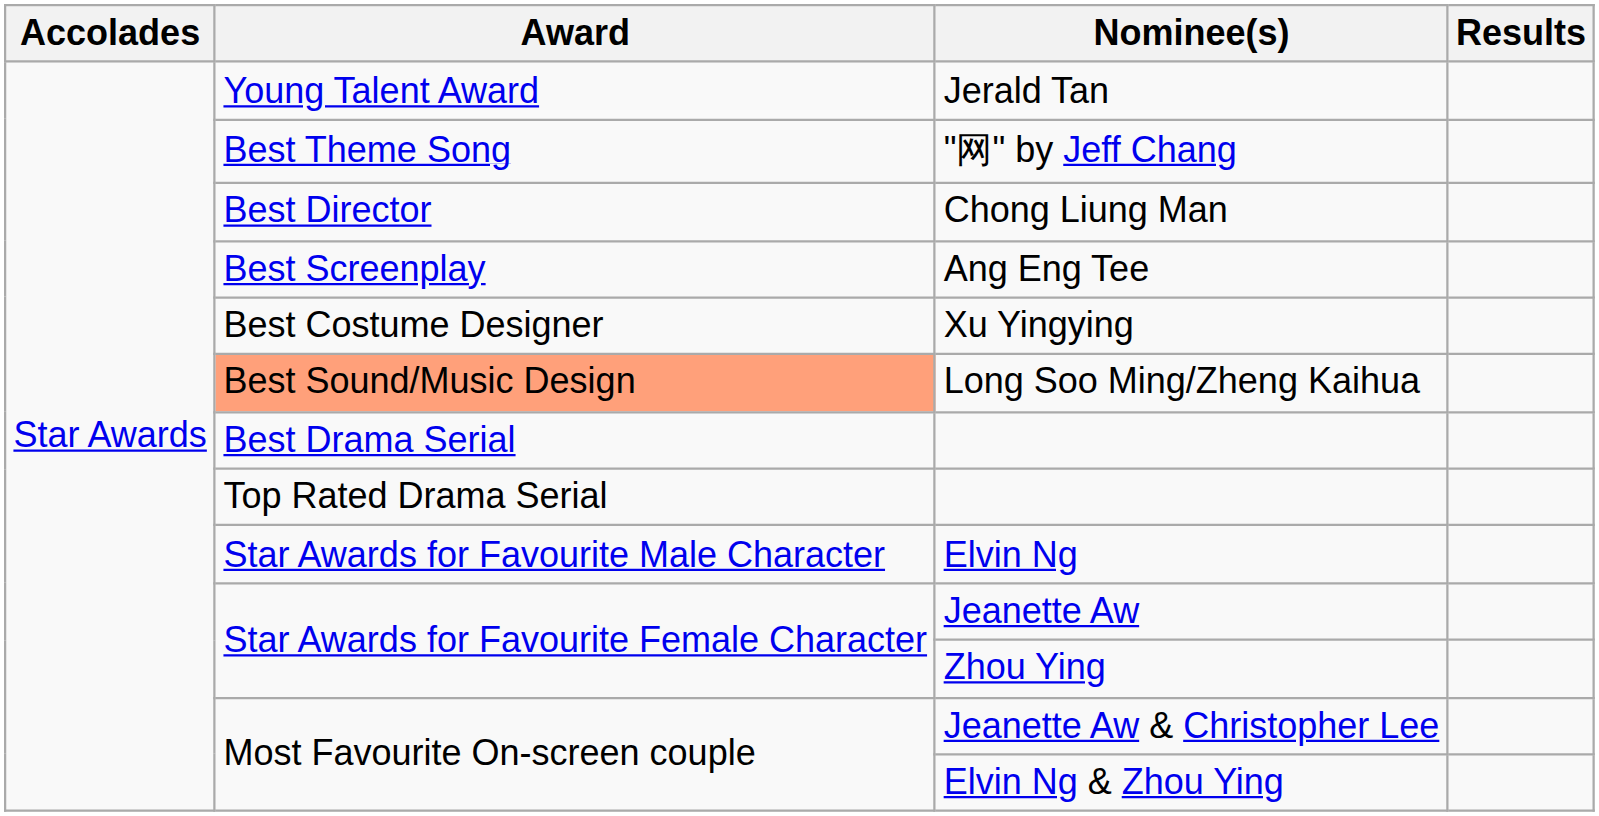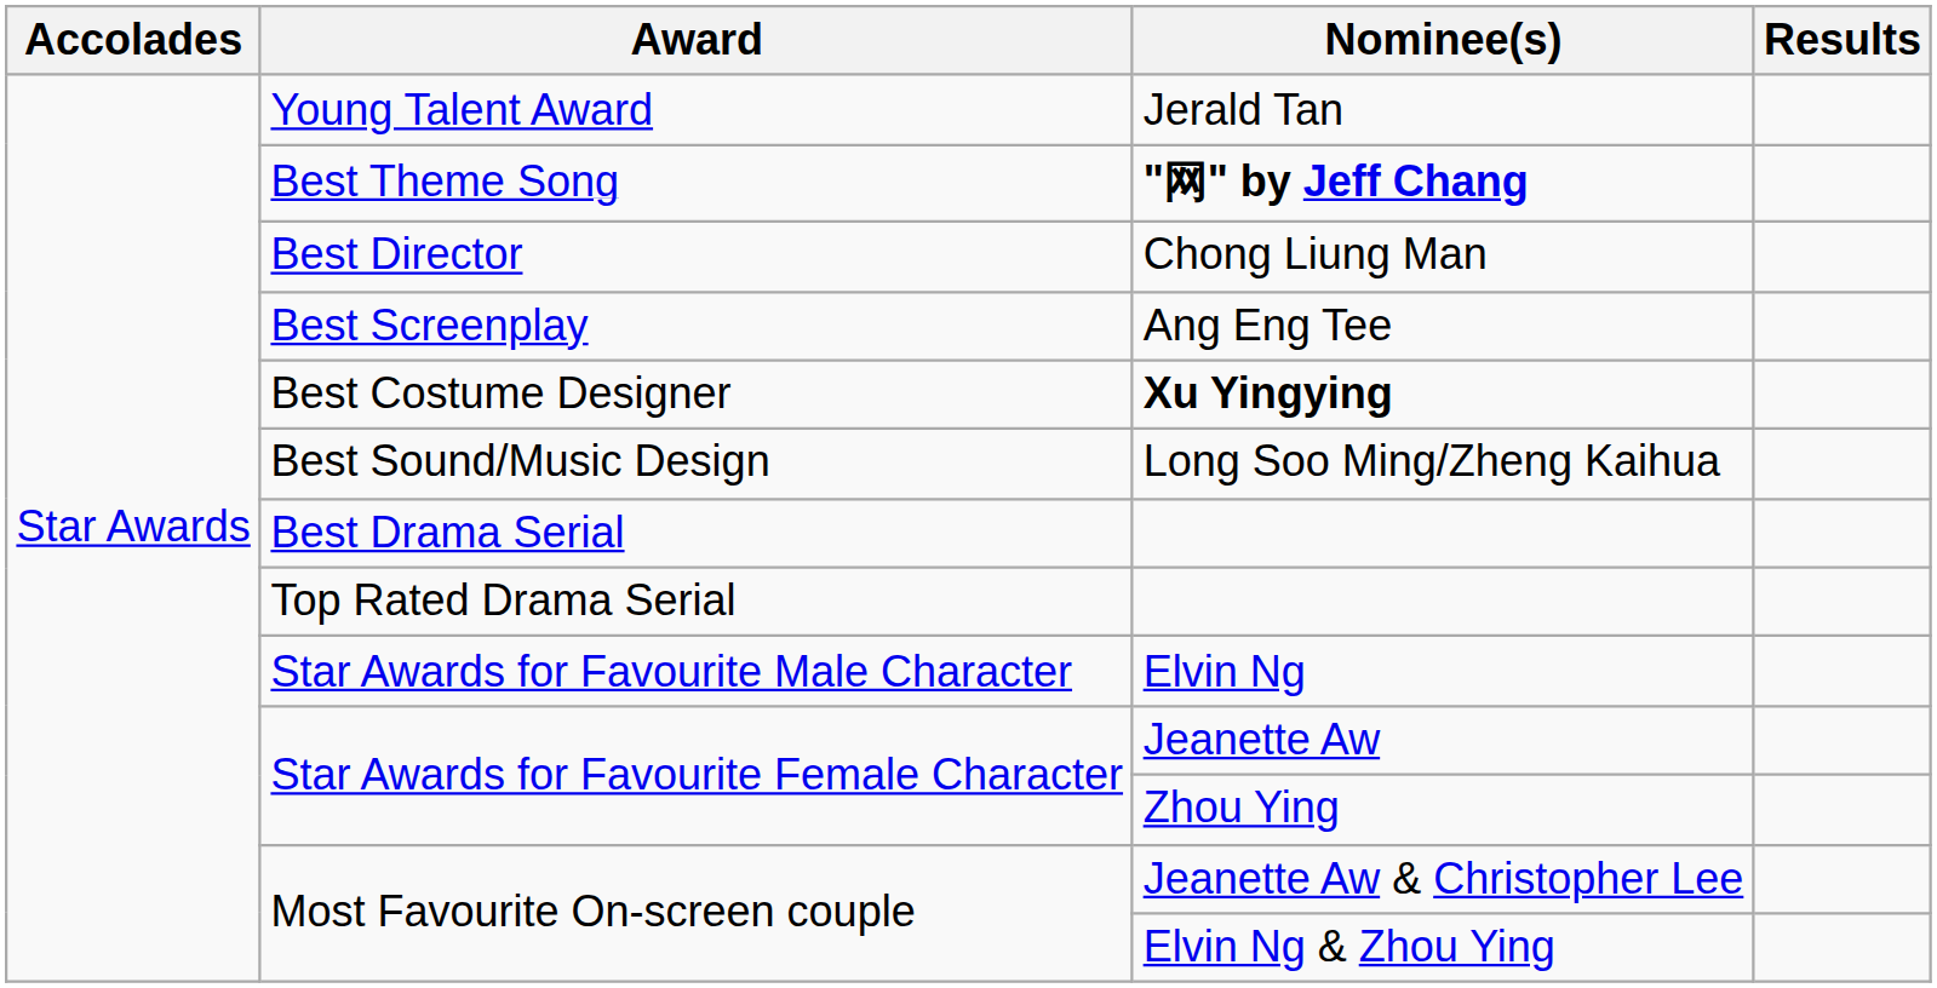 <table class="wikitable">
 <tr>
 <th>Accolades</th>
 <th>Award</th>
 <th>Nominee(s)</th>
 <th>Results</th>
 </tr>
 <tr>
 <td rowspan="13"><a href='#'>Star Awards</a></td>
 <td><a href='#'>Young Talent Award</a></td>
 <td>Jerald Tan</td>
 <td></td>
 </tr>
 <tr>
 <td><a href='#'>Best Theme Song</a></td>
-<td>"网" by <a href='#'>Jeff Chang</a></td>
+<td><strong>"网" by <a href='#'>Jeff Chang</a></strong></td>
 <td></td>
 </tr>
 <tr>
 <td><a href='#'>Best Director</a></td>
 <td>Chong Liung Man</td>
 <td></td>
 </tr>
 <tr>
 <td><a href='#'>Best Screenplay</a></td>
 <td>Ang Eng Tee</td>
 <td></td>
 </tr>
 <tr>
 <td Best Costume Designer>Best Costume Designer</td>
-<td>Xu Yingying</td>
+<td><strong>Xu Yingying</strong></td>
 <td></td>
 </tr>
 <tr>
-<td style="background: lightsalmon;">Best Sound/Music Design</td>
+<td>Best Sound/Music Design</td>
 <td>Long Soo Ming/Zheng Kaihua</td>
 <td></td>
 </tr>
 <tr>
 <td><a href='#'>Best Drama Serial</a></td>
 <td></td>
 <td></td>
 </tr>
 <tr>
 <td Top Rated Drama Serial>Top Rated Drama Serial</td>
 <td></td>
 <td></td>
 </tr>
 <tr>
 <td><a href='#'>Star Awards for Favourite Male Character</a></td>
 <td><a href='#'>Elvin Ng</a></td>
 <td></td>
 </tr>
 <tr>
 <td rowspan="2"><a href='#'>Star Awards for Favourite Female Character</a></td>
 <td><a href='#'>Jeanette Aw</a></td>
 <td></td>
 </tr>
 <tr>
 <td><a href='#'>Zhou Ying</a></td>
 <td></td>
 </tr>
 <tr>
 <td rowspan="2">Most Favourite On-screen couple</td>
 <td><a href='#'>Jeanette Aw</a>  &  <a href='#'>Christopher Lee</a></td>
 <td></td>
 </tr>
 <tr>
 <td><a href='#'>Elvin Ng</a> & <a href='#'>Zhou Ying</a></td>
 <td></td>
 </tr>
 </table>
